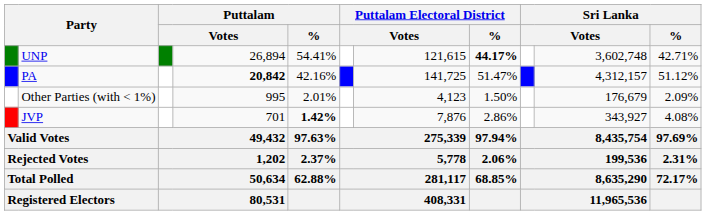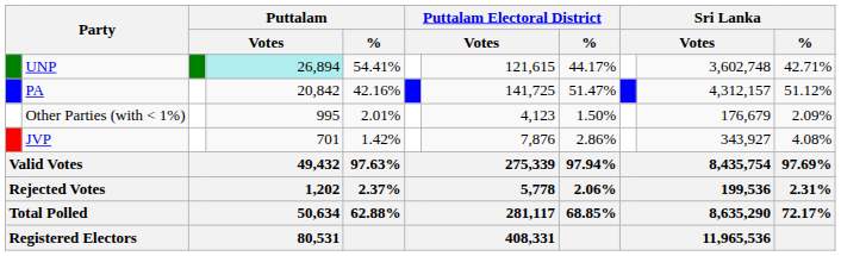 <table class="wikitable">
 <tr>
 <th colspan="2" width="144px"rowspan="2">Party</th>
 <th colspan="3" width="216px">Puttalam</th>
 <th colspan="3" width="216px"><a href='#'>Puttalam Electoral District</a></th>
 <th colspan="3" width="216px">Sri Lanka</th>
 </tr>
 <tr>
 <th colspan="2" width="144px">Votes</th>
 <th>%</th>
 <th colspan="2" width="144px">Votes</th>
 <th>%</th>
 <th colspan="2" width="144px">Votes</th>
 <th>%</th>
 </tr>
 <tr>
 <td style="background-color:green;" width="10px"></td>
 <td style="text-align:left;"><a href='#'>UNP</a></td>
 <td style="background-color:green;" width="10px"></td>
-<td style="text-align:right;">26,894</td>
+<td style="background: paleturquoise; text-align:right;">26,894</td>
 <td style="text-align:right;">54.41%</td>
 <td style="background-color:white;" width="10px"></td>
 <td style="text-align:right;">121,615</td>
-<td style="text-align:right;"><strong>44.17%</strong></td>
+<td style="text-align:right;">44.17%</td>
 <td style="background-color:white;" width="10px"></td>
 <td style="text-align:right;">3,602,748</td>
 <td style="text-align:right;">42.71%</td>
 </tr>
 <tr>
 <td style="background-color:blue;" width="10px"></td>
 <td style="text-align:left;"><a href='#'>PA</a></td>
 <td style="background-color:white;" width="10px"></td>
-<td style="text-align:right;"><strong>20,842</strong></td>
+<td style="text-align:right;">20,842</td>
 <td style="text-align:right;">42.16%</td>
 <td style="background-color:blue;" width="10px"></td>
 <td style="text-align:right;">141,725</td>
 <td style="text-align:right;">51.47%</td>
 <td style="background-color:blue;" width="10px"></td>
 <td style="text-align:right;">4,312,157</td>
 <td style="text-align:right;">51.12%</td>
 </tr>
 <tr>
 <td style="background-color:white;" width="10px"></td>
 <td style="text-align:left;">Other Parties (with < 1%)</td>
 <td style="background-color:white;" width="10px"></td>
 <td style="text-align:right;">995</td>
 <td style="text-align:right;">2.01%</td>
 <td style="background-color:white;" width="10px"></td>
 <td style="text-align:right;">4,123</td>
 <td style="text-align:right;">1.50%</td>
 <td style="background-color:white;" width="10px"></td>
 <td style="text-align:right;">176,679</td>
 <td style="text-align:right;">2.09%</td>
 </tr>
 <tr>
 <td style="background-color:red;" width="10px"></td>
 <td style="text-align:left;"><a href='#'>JVP</a></td>
 <td style="background-color:white;" width="10px"></td>
 <td style="text-align:right;">701</td>
-<td style="text-align:right;"><strong>1.42%</strong></td>
+<td style="text-align:right;">1.42%</td>
 <td style="background-color:white;" width="10px"></td>
 <td style="text-align:right;">7,876</td>
 <td style="text-align:right;">2.86%</td>
 <td style="background-color:white;" width="10px"></td>
 <td style="text-align:right;">343,927</td>
 <td style="text-align:right;">4.08%</td>
 </tr>
 <tr>
 <th colspan="2" width="144px"style="text-align:left;">Valid Votes</th>
 <th style="text-align:right;"colspan="2" width="144px">49,432</th>
 <th style="text-align:right;">97.63%</th>
 <th style="text-align:right;"colspan="2" width="144px">275,339</th>
 <th style="text-align:right;">97.94%</th>
 <th style="text-align:right;"colspan="2" width="144px">8,435,754</th>
 <th style="text-align:right;">97.69%</th>
 </tr>
 <tr>
 <th colspan="2" width="144px"style="text-align:left;">Rejected Votes</th>
 <th style="text-align:right;"colspan="2" width="144px">1,202</th>
 <th style="text-align:right;">2.37%</th>
 <th style="text-align:right;"colspan="2" width="144px">5,778</th>
 <th style="text-align:right;">2.06%</th>
 <th style="text-align:right;"colspan="2" width="144px">199,536</th>
 <th style="text-align:right;">2.31%</th>
 </tr>
 <tr>
 <th colspan="2" width="144px"style="text-align:left;">Total Polled</th>
 <th style="text-align:right;"colspan="2" width="144px">50,634</th>
 <th style="text-align:right;">62.88%</th>
 <th style="text-align:right;"colspan="2" width="144px">281,117</th>
 <th style="text-align:right;">68.85%</th>
 <th style="text-align:right;"colspan="2" width="144px">8,635,290</th>
 <th style="text-align:right;">72.17%</th>
 </tr>
 <tr>
 <th colspan="2" width="144px"style="text-align:left;">Registered Electors</th>
 <th style="text-align:right;"colspan="2" width="144px">80,531</th>
 <th></th>
 <th style="text-align:right;"colspan="2" width="144px">408,331</th>
 <th></th>
 <th style="text-align:right;"colspan="2" width="144px">11,965,536</th>
 <th></th>
 </tr>
 </table>
